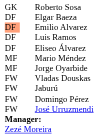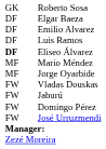 <table cellspacing="0" cellpadding="0" style="font-size:90%; margin:0.2em auto;">
 <tr>
 <th width="25"></th>
 <th width="25"></th>
 </tr>
 <tr>
 <td>GK</td>
 <td></td>
 <td> Roberto Sosa</td>
 </tr>
 <tr>
 <td>DF</td>
 <td></td>
 <td> Elgar Baeza</td>
 </tr>
 <tr>
-<td style="background: lightsalmon;">DF</td>
+<td>DF</td>
 <td></td>
 <td> Emilio Alvarez</td>
 </tr>
 <tr>
 <td>DF</td>
 <td></td>
 <td> Luis Ramos</td>
 </tr>
 <tr>
-<td>DF</td>
+<td><strong>DF</strong></td>
 <td></td>
 <td> Eliseo Álvarez</td>
 </tr>
 <tr>
 <td>MF</td>
 <td></td>
 <td> Mario Méndez</td>
 </tr>
 <tr>
 <td>MF</td>
 <td></td>
 <td> Jorge Oyarbide</td>
 </tr>
 <tr>
 <td>FW</td>
 <td></td>
 <td> Vladas Douskas</td>
 </tr>
 <tr>
 <td>FW</td>
 <td></td>
 <td> Jaburú</td>
 </tr>
 <tr>
 <td>FW</td>
 <td></td>
 <td> Domingo Pérez</td>
 </tr>
 <tr>
 <td>FW</td>
 <td></td>
 <td> <a href='#'>José Urruzmendi</a></td>
 </tr>
 <tr>
 <td colspan=3><strong>Manager:</strong></td>
 </tr>
 <tr>
 <td colspan=4> <a href='#'>Zezé Moreira</a></td>
 </tr>
 </table>
